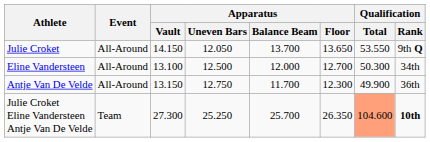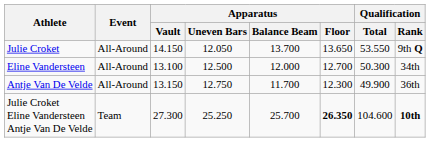 <table class="wikitable" style="font-size:90%">
 <tr>
 <th rowspan="2">Athlete</th>
 <th rowspan="2">Event</th>
 <th colspan="4">Apparatus</th>
 <th colspan="2">Qualification</th>
 </tr>
 <tr>
 <th>Vault</th>
 <th>Uneven Bars</th>
 <th>Balance Beam</th>
 <th>Floor</th>
 <th>Total</th>
 <th>Rank</th>
 </tr>
 <tr>
 <td><a href='#'>Julie Croket</a></td>
 <td>All-Around</td>
 <td align=center>14.150</td>
 <td align=center>12.050</td>
 <td align=center>13.700</td>
 <td align=center>13.650</td>
 <td align=center>53.550</td>
 <td align=center>9th <strong>Q</strong></td>
 </tr>
 <tr>
 <td><a href='#'>Eline Vandersteen</a></td>
 <td>All-Around</td>
 <td align=center>13.100</td>
 <td align=center>12.500</td>
 <td align=center>12.000</td>
 <td align=center>12.700</td>
 <td align=center>50.300</td>
 <td align=center>34th</td>
 </tr>
 <tr>
 <td><a href='#'>Antje Van De Velde</a></td>
 <td>All-Around</td>
 <td align=center>13.150</td>
 <td align=center>12.750</td>
 <td align=center>11.700</td>
 <td align=center>12.300</td>
 <td align=center>49.900</td>
 <td align=center>36th</td>
 </tr>
 <tr>
 <td>Julie Croket<br>Eline Vandersteen<br>Antje Van De Velde</td>
 <td>Team</td>
 <td align=center>27.300</td>
 <td align=center>25.250</td>
 <td align=center>25.700</td>
-<td align=center>26.350</td>
-<td align=center style="background: lightsalmon;">104.600</td>
+<td align=center><strong>26.350</strong></td>
+<td align=center>104.600</td>
 <td align=center><strong>10th</strong></td>
 </tr>
 </table>
